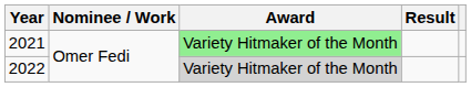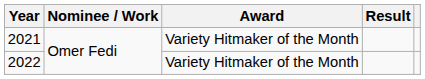 <table class="wikitable">
 <tr>
 <th>Year</th>
 <th>Nominee / Work</th>
 <th>Award</th>
 <th>Result</th>
 <th></th>
 </tr>
 <tr>
 <td>2021</td>
 <td rowspan="2">Omer Fedi</td>
-<td style="background: lightgreen;">Variety Hitmaker of the Month</td>
+<td>Variety Hitmaker of the Month</td>
 <td></td>
 <td align="center"></td>
 </tr>
 <tr>
 <td>2022</td>
-<td style="background: lightgrey;">Variety Hitmaker of the Month</td>
+<td>Variety Hitmaker of the Month</td>
 <td></td>
 <td align="center"></td>
 </tr>
 </table>
